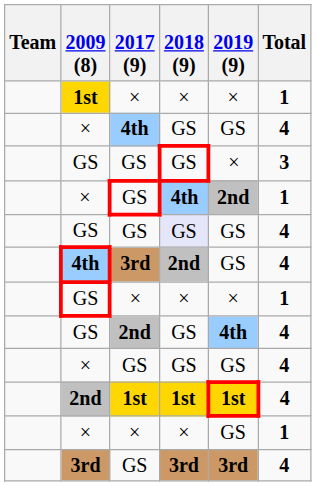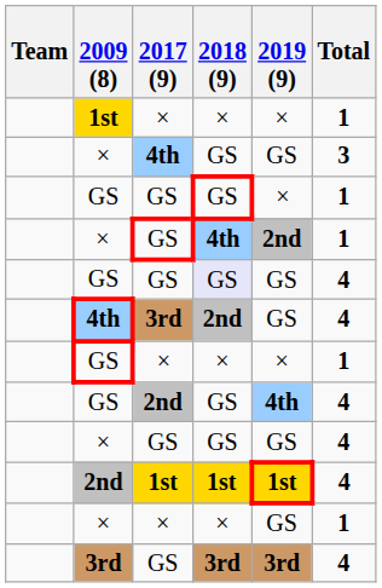 <table class="wikitable" style="text-align: center;">
 <tr>
 <th>Team</th>
 <th> <br> <a href='#'>2009</a> <br> (8)</th>
 <th> <br> <a href='#'>2017</a> <br> (9)</th>
 <th> <br> <a href='#'>2018</a> <br> (9)</th>
 <th> <br> <a href='#'>2019</a> <br> (9)</th>
 <th>Total</th>
 </tr>
 <tr>
 <td align=left></td>
 <td bgcolor=gold><strong>1st</strong></td>
 <td>×</td>
 <td>×</td>
 <td>×</td>
 <td><strong>1</strong></td>
 </tr>
 <tr>
 <td align=left></td>
 <td>×</td>
 <td bgcolor=#9acdff><strong>4th</strong></td>
 <td>GS</td>
 <td>GS</td>
-<td><strong>4</strong></td>
+<td><strong>3</strong></td>
 </tr>
 <tr>
 <td align=left></td>
 <td>GS</td>
 <td>GS</td>
 <td style="border: 3px solid red">GS</td>
 <td>×</td>
-<td><strong>3</strong></td>
+<td><strong>1</strong></td>
 </tr>
 <tr>
 <td align=left></td>
 <td>×</td>
 <td style="border: 3px solid red">GS</td>
 <td bgcolor=#9acdff><strong>4th</strong></td>
 <td bgcolor=silver><strong>2nd</strong></td>
 <td><strong>1</strong></td>
 </tr>
 <tr>
 <td align=left></td>
 <td>GS</td>
 <td>GS</td>
 <td style="background: lavender;">GS</td>
 <td>GS</td>
 <td><strong>4</strong></td>
 </tr>
 <tr>
 <td align=left></td>
 <td style="border: 3px solid red" bgcolor=#9acdff><strong>4th</strong></td>
 <td bgcolor=#cc9966><strong>3rd</strong></td>
 <td bgcolor=silver><strong>2nd</strong></td>
 <td>GS</td>
 <td><strong>4</strong></td>
 </tr>
 <tr>
 <td align=left></td>
 <td style="border: 3px solid red">GS</td>
 <td>×</td>
 <td>×</td>
 <td>×</td>
 <td><strong>1</strong></td>
 </tr>
 <tr>
 <td align=left></td>
 <td>GS</td>
 <td bgcolor=silver><strong>2nd</strong></td>
 <td>GS</td>
 <td bgcolor=#9acdff><strong>4th</strong></td>
 <td><strong>4</strong></td>
 </tr>
 <tr>
 <td align=left></td>
 <td>×</td>
 <td>GS</td>
 <td>GS</td>
 <td>GS</td>
 <td><strong>4</strong></td>
 </tr>
 <tr>
 <td align=left></td>
 <td bgcolor=silver><strong>2nd</strong></td>
 <td bgcolor=gold><strong>1st</strong></td>
 <td bgcolor=gold><strong>1st</strong></td>
 <td style="border: 3px solid red" bgcolor=gold><strong>1st</strong></td>
 <td><strong>4</strong></td>
 </tr>
 <tr>
 <td align=left></td>
 <td>×</td>
 <td>×</td>
 <td>×</td>
 <td>GS</td>
 <td><strong>1</strong></td>
 </tr>
 <tr>
 <td align=left></td>
 <td bgcolor=#cc9966><strong>3rd</strong></td>
 <td>GS</td>
 <td bgcolor=#cc9966><strong>3rd</strong></td>
 <td bgcolor=#cc9966><strong>3rd</strong></td>
 <td><strong>4</strong></td>
 </tr>
 </table>
